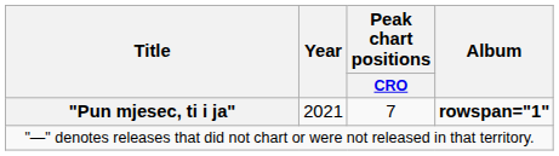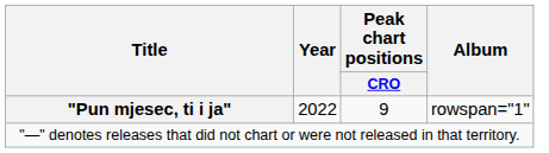 <table class="wikitable plainrowheaders" style="text-align:center;">
 <tr>
 <th scope="col" rowspan="2" style="width:16em;">Title</th>
 <th scope="col" rowspan="2" style="width:1em;">Year</th>
 <th scope="col" colspan="1">Peak chart positions</th>
 <th scope="col" rowspan="2">Album</th>
 </tr>
 <tr>
 <th scope="col" style="width:3em;font-size:85%;"><a href='#'>CRO</a><br></th>
 </tr>
 <tr>
 <th scope="row">"Pun mjesec, ti i ja"</th>
-<td rowspan="1">2021</td>
-<td>7</td>
-<td><strong>rowspan="1" </strong></td>
+<td rowspan="1">2022</td>
+<td>9</td>
+<td>rowspan="1" </td>
 </tr>
 <tr>
 <td colspan="22" style="text-align:center; font-size:85%;">"—" denotes releases that did not chart or were not released in that territory.</td>
 </tr>
 </table>
